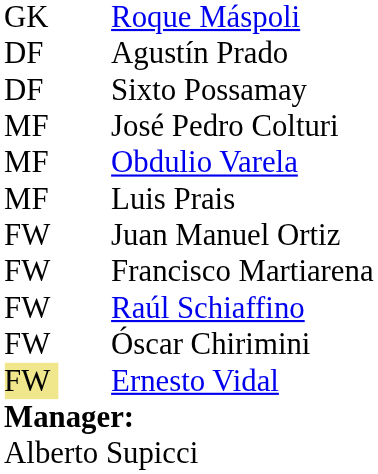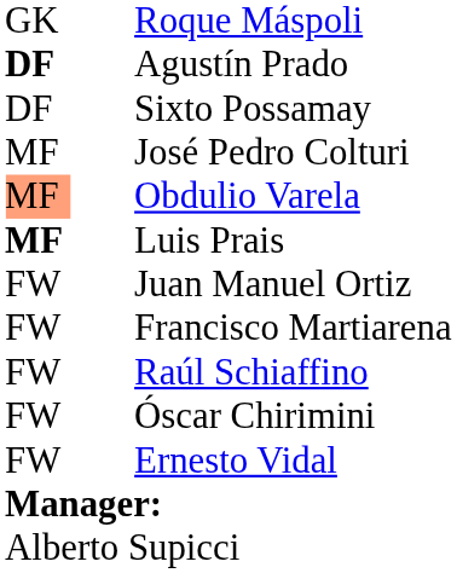 <table style="font-size:90%; margin:0.2em auto;" cellspacing="0" cellpadding="0">
 <tr>
 <th width="25"></th>
 <th width="25"></th>
 </tr>
 <tr>
 <td>GK</td>
 <td></td>
 <td> <a href='#'>Roque Máspoli</a></td>
 </tr>
 <tr>
-<td>DF</td>
+<td><strong>DF</strong></td>
 <td></td>
 <td> Agustín Prado</td>
 </tr>
 <tr>
 <td>DF</td>
 <td></td>
 <td> Sixto Possamay</td>
 </tr>
 <tr>
 <td>MF</td>
 <td></td>
 <td> José Pedro Colturi</td>
 </tr>
 <tr>
-<td>MF</td>
+<td style="background: lightsalmon;">MF</td>
 <td></td>
 <td> <a href='#'>Obdulio Varela</a></td>
 </tr>
 <tr>
-<td>MF</td>
+<td><strong>MF</strong></td>
 <td></td>
 <td> Luis Prais</td>
 </tr>
 <tr>
 <td>FW</td>
 <td></td>
 <td> Juan Manuel Ortiz</td>
 </tr>
 <tr>
 <td>FW</td>
 <td></td>
 <td> Francisco Martiarena</td>
 </tr>
 <tr>
 <td>FW</td>
 <td></td>
 <td> <a href='#'>Raúl Schiaffino</a></td>
 </tr>
 <tr>
 <td>FW</td>
 <td></td>
 <td> Óscar Chirimini</td>
 </tr>
 <tr>
-<td style="background: khaki;">FW</td>
+<td>FW</td>
 <td></td>
 <td> <a href='#'>Ernesto Vidal</a></td>
 </tr>
 <tr>
 <td colspan=3><strong>Manager:</strong></td>
 </tr>
 <tr>
 <td colspan=4> Alberto Supicci</td>
 </tr>
 </table>
